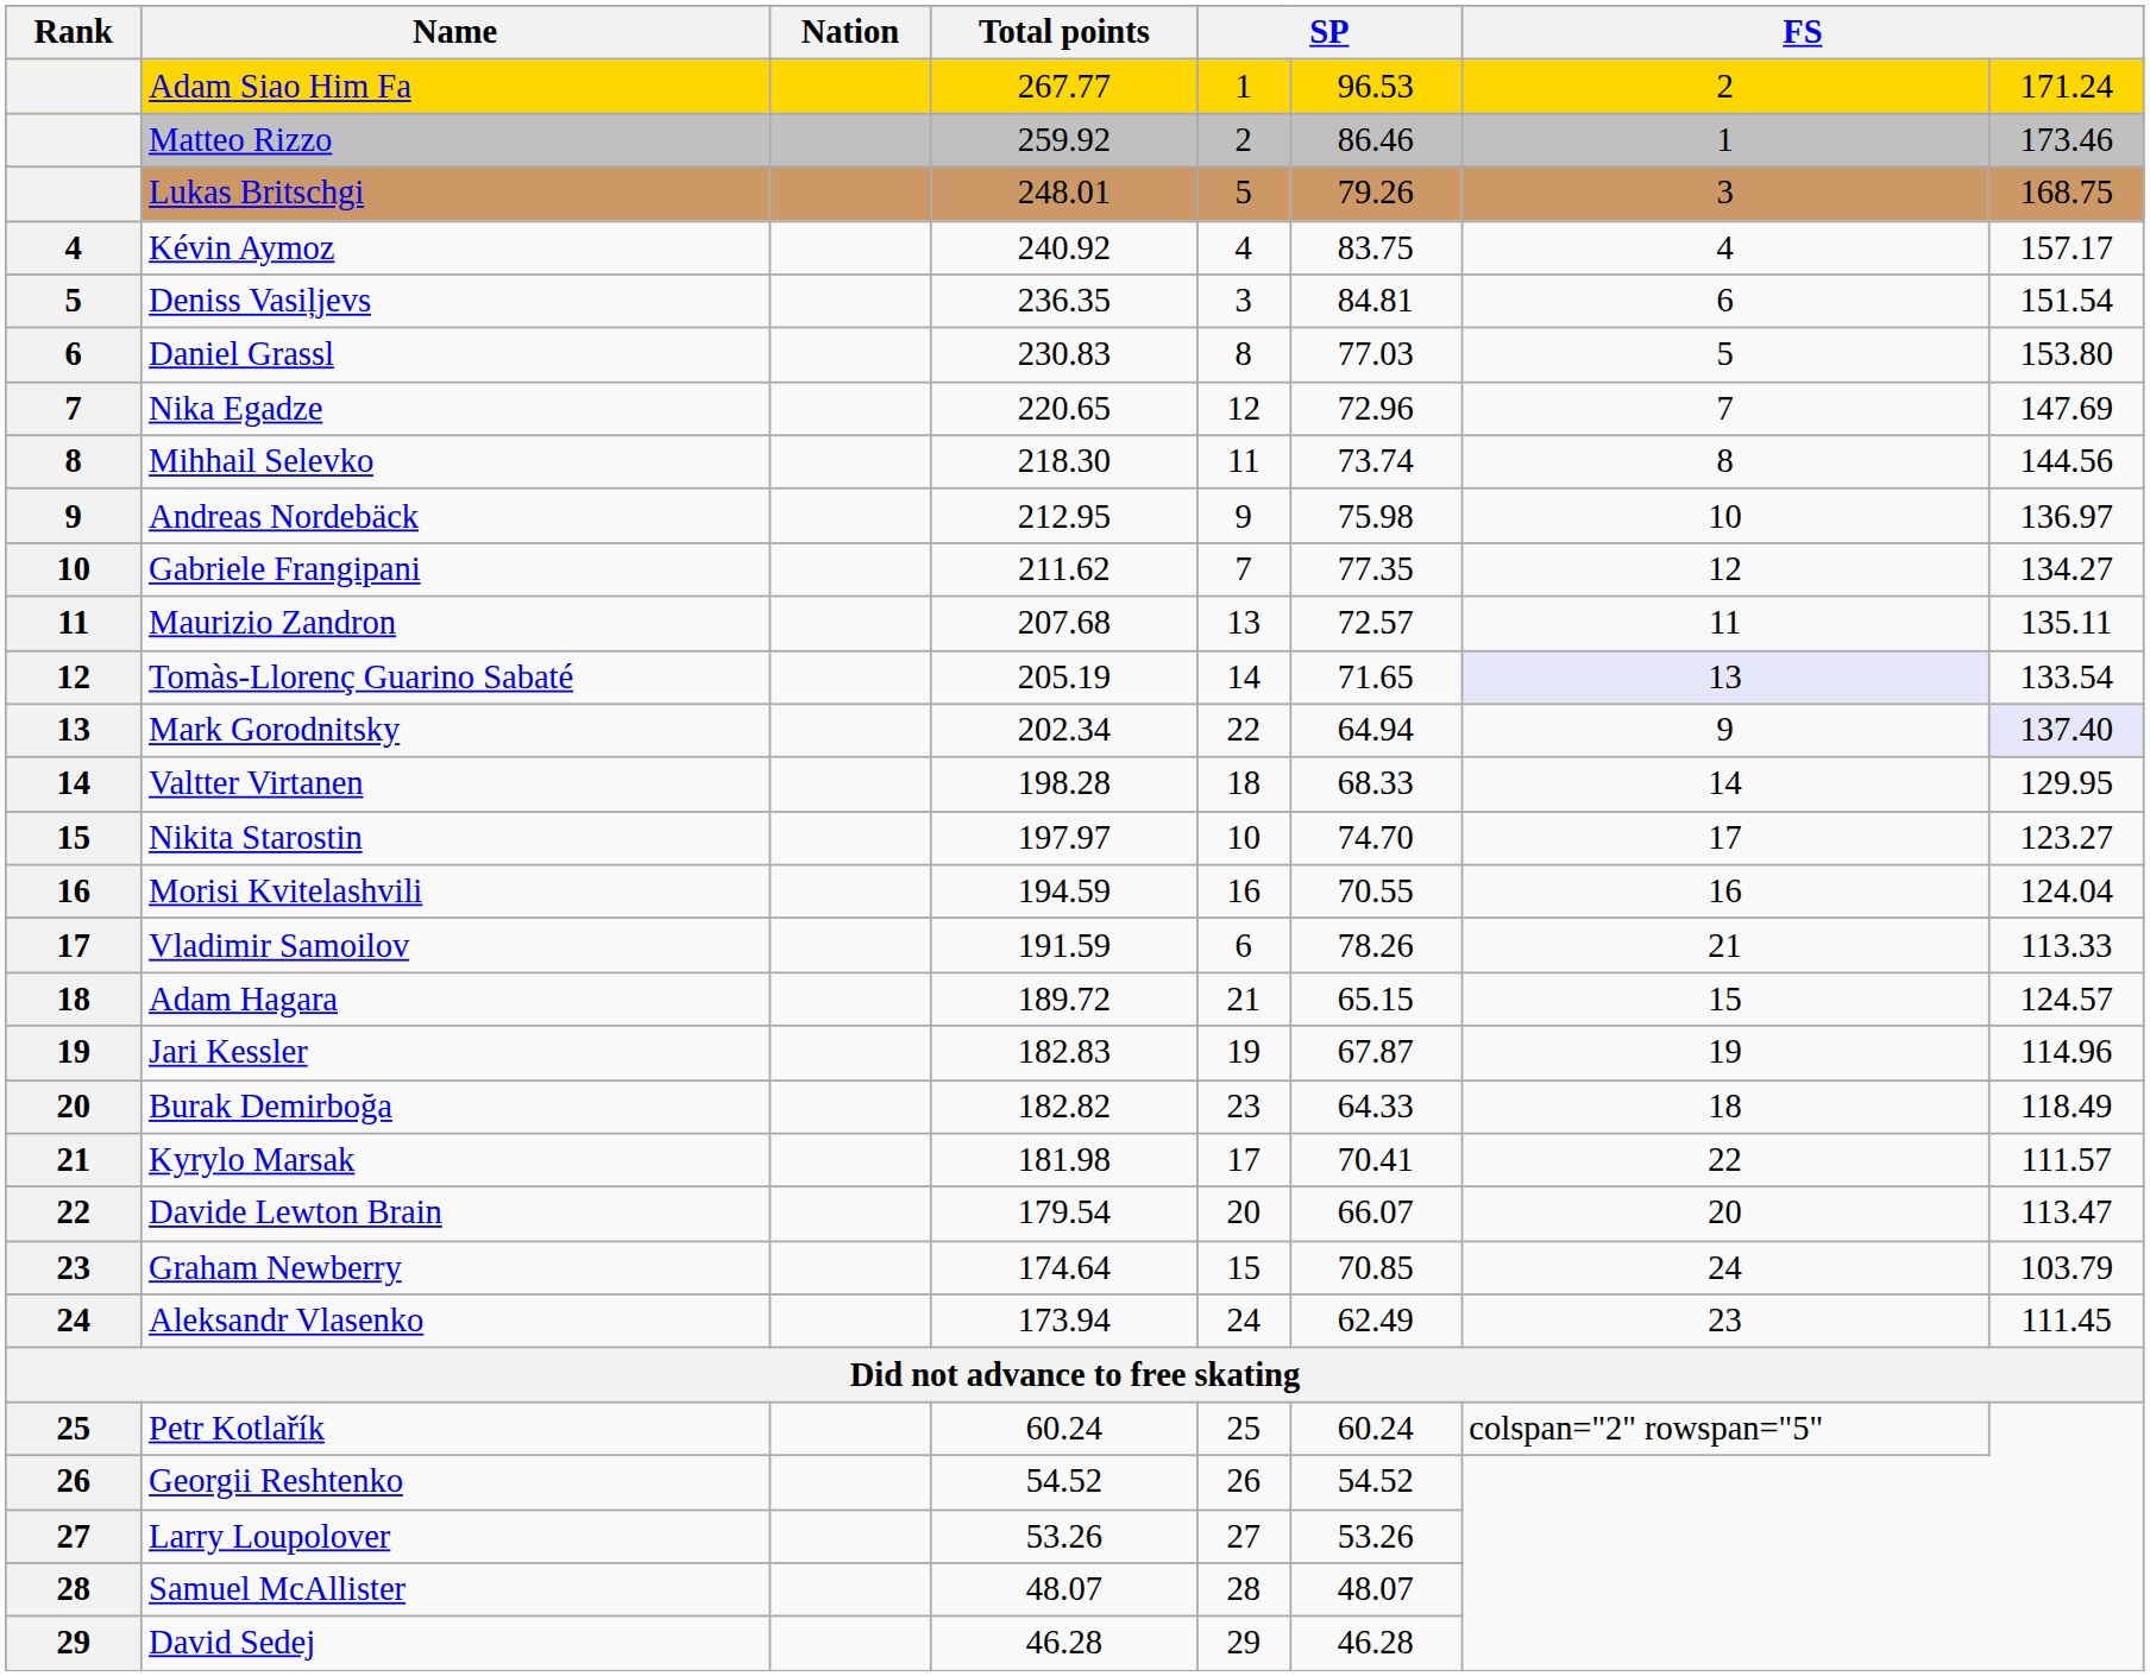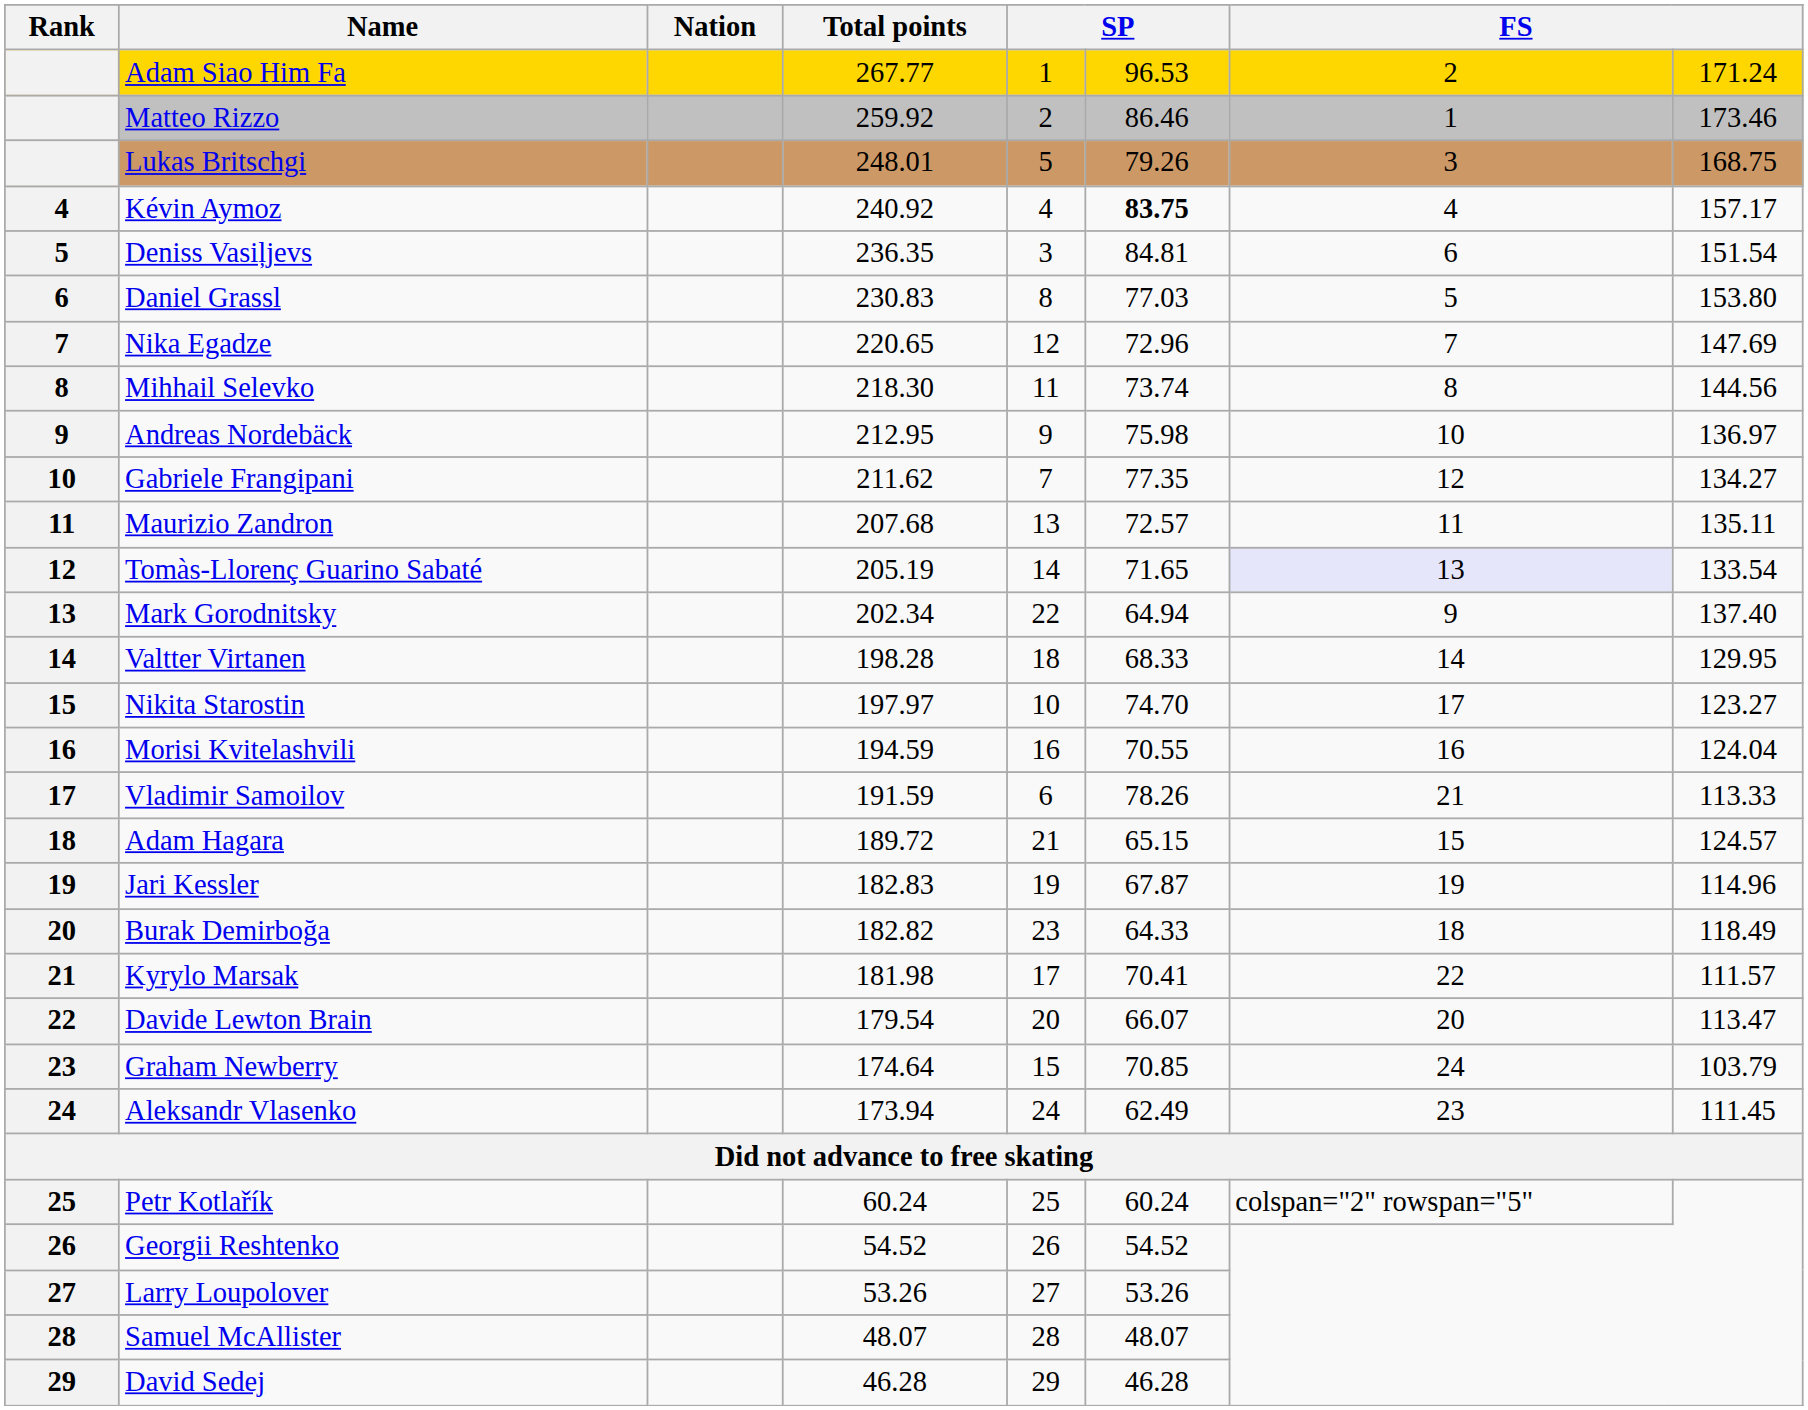 <table class="wikitable sortable" style="text-align:left; width:80%">
 <tr>
 <th scope="col">Rank</th>
 <th scope="col">Name</th>
 <th scope="col">Nation</th>
 <th scope="col">Total points</th>
 <th scope="col" colspan="2" width="80px"><a href='#'>SP</a></th>
 <th scope="col" colspan="2" width="80px"><a href='#'>FS</a></th>
 </tr>
 <tr bgcolor="gold">
 <th scope="row"></th>
 <td><a href='#'>Adam Siao Him Fa</a></td>
 <td></td>
 <td align="center">267.77</td>
 <td align="center">1</td>
 <td align="center">96.53</td>
 <td align="center">2</td>
 <td align="center">171.24</td>
 </tr>
 <tr bgcolor="silver">
 <th scope="row"></th>
 <td><a href='#'>Matteo Rizzo</a></td>
 <td></td>
 <td align="center">259.92</td>
 <td align="center">2</td>
 <td align="center">86.46</td>
 <td align="center">1</td>
 <td align="center">173.46</td>
 </tr>
 <tr bgcolor="#cc9966">
 <th scope="row"></th>
 <td><a href='#'>Lukas Britschgi</a></td>
 <td></td>
 <td align="center">248.01</td>
 <td align="center">5</td>
 <td align="center">79.26</td>
 <td align="center">3</td>
 <td align="center">168.75</td>
 </tr>
 <tr>
 <th scope="row">4</th>
 <td><a href='#'>Kévin Aymoz</a></td>
 <td></td>
 <td align="center">240.92</td>
 <td align="center">4</td>
-<td align="center">83.75</td>
+<td align="center"><strong>83.75</strong></td>
 <td align="center">4</td>
 <td align="center">157.17</td>
 </tr>
 <tr>
 <th scope="row">5</th>
 <td><a href='#'>Deniss Vasiļjevs</a></td>
 <td></td>
 <td align="center">236.35</td>
 <td align="center">3</td>
 <td align="center">84.81</td>
 <td align="center">6</td>
 <td align="center">151.54</td>
 </tr>
 <tr>
 <th scope="row">6</th>
 <td><a href='#'>Daniel Grassl</a></td>
 <td></td>
 <td align="center">230.83</td>
 <td align="center">8</td>
 <td align="center">77.03</td>
 <td align="center">5</td>
 <td align="center">153.80</td>
 </tr>
 <tr>
 <th scope="row">7</th>
 <td><a href='#'>Nika Egadze</a></td>
 <td></td>
 <td align="center">220.65</td>
 <td align="center">12</td>
 <td align="center">72.96</td>
 <td align="center">7</td>
 <td align="center">147.69</td>
 </tr>
 <tr>
 <th scope="row">8</th>
 <td><a href='#'>Mihhail Selevko</a></td>
 <td></td>
 <td align="center">218.30</td>
 <td align="center">11</td>
 <td align="center">73.74</td>
 <td align="center">8</td>
 <td align="center">144.56</td>
 </tr>
 <tr>
 <th scope="row">9</th>
 <td><a href='#'>Andreas Nordebäck</a></td>
 <td></td>
 <td align="center">212.95</td>
 <td align="center">9</td>
 <td align="center">75.98</td>
 <td align="center">10</td>
 <td align="center">136.97</td>
 </tr>
 <tr>
 <th scope="row">10</th>
 <td><a href='#'>Gabriele Frangipani</a></td>
 <td></td>
 <td align="center">211.62</td>
 <td align="center">7</td>
 <td align="center">77.35</td>
 <td align="center">12</td>
 <td align="center">134.27</td>
 </tr>
 <tr>
 <th scope="row">11</th>
 <td><a href='#'>Maurizio Zandron</a></td>
 <td></td>
 <td align="center">207.68</td>
 <td align="center">13</td>
 <td align="center">72.57</td>
 <td align="center">11</td>
 <td align="center">135.11</td>
 </tr>
 <tr>
 <th scope="row">12</th>
 <td><a href='#'>Tomàs-Llorenç Guarino Sabaté</a></td>
 <td></td>
 <td align="center">205.19</td>
 <td align="center">14</td>
 <td align="center">71.65</td>
 <td align="center" style="background: lavender;">13</td>
 <td align="center">133.54</td>
 </tr>
 <tr>
 <th scope="row">13</th>
 <td><a href='#'>Mark Gorodnitsky</a></td>
 <td></td>
 <td align="center">202.34</td>
 <td align="center">22</td>
 <td align="center">64.94</td>
 <td align="center">9</td>
-<td align="center" style="background: lavender;">137.40</td>
+<td align="center">137.40</td>
 </tr>
 <tr>
 <th scope="row">14</th>
 <td><a href='#'>Valtter Virtanen</a></td>
 <td></td>
 <td align="center">198.28</td>
 <td align="center">18</td>
 <td align="center">68.33</td>
 <td align="center">14</td>
 <td align="center">129.95</td>
 </tr>
 <tr>
 <th scope="row">15</th>
 <td><a href='#'>Nikita Starostin</a></td>
 <td></td>
 <td align="center">197.97</td>
 <td align="center">10</td>
 <td align="center">74.70</td>
 <td align="center">17</td>
 <td align="center">123.27</td>
 </tr>
 <tr>
 <th scope="row">16</th>
 <td><a href='#'>Morisi Kvitelashvili</a></td>
 <td></td>
 <td align="center">194.59</td>
 <td align="center">16</td>
 <td align="center">70.55</td>
 <td align="center">16</td>
 <td align="center">124.04</td>
 </tr>
 <tr>
 <th scope="row">17</th>
 <td><a href='#'>Vladimir Samoilov</a></td>
 <td></td>
 <td align="center">191.59</td>
 <td align="center">6</td>
 <td align="center">78.26</td>
 <td align="center">21</td>
 <td align="center">113.33</td>
 </tr>
 <tr>
 <th scope="row">18</th>
 <td><a href='#'>Adam Hagara</a></td>
 <td></td>
 <td align="center">189.72</td>
 <td align="center">21</td>
 <td align="center">65.15</td>
 <td align="center">15</td>
 <td align="center">124.57</td>
 </tr>
 <tr>
 <th scope="row">19</th>
 <td><a href='#'>Jari Kessler</a></td>
 <td></td>
 <td align="center">182.83</td>
 <td align="center">19</td>
 <td align="center">67.87</td>
 <td align="center">19</td>
 <td align="center">114.96</td>
 </tr>
 <tr>
 <th scope="row">20</th>
 <td><a href='#'>Burak Demirboğa</a></td>
 <td></td>
 <td align="center">182.82</td>
 <td align="center">23</td>
 <td align="center">64.33</td>
 <td align="center">18</td>
 <td align="center">118.49</td>
 </tr>
 <tr>
 <th scope="row">21</th>
 <td><a href='#'>Kyrylo Marsak</a></td>
 <td></td>
 <td align="center">181.98</td>
 <td align="center">17</td>
 <td align="center">70.41</td>
 <td align="center">22</td>
 <td align="center">111.57</td>
 </tr>
 <tr>
 <th scope="row">22</th>
 <td><a href='#'>Davide Lewton Brain</a></td>
 <td></td>
 <td align="center">179.54</td>
 <td align="center">20</td>
 <td align="center">66.07</td>
 <td align="center">20</td>
 <td align="center">113.47</td>
 </tr>
 <tr>
 <th scope="row">23</th>
 <td><a href='#'>Graham Newberry</a></td>
 <td></td>
 <td align="center">174.64</td>
 <td align="center">15</td>
 <td align="center">70.85</td>
 <td align="center">24</td>
 <td align="center">103.79</td>
 </tr>
 <tr>
 <th scope="row">24</th>
 <td><a href='#'>Aleksandr Vlasenko</a></td>
 <td></td>
 <td align="center">173.94</td>
 <td align="center">24</td>
 <td align="center">62.49</td>
 <td align="center">23</td>
 <td align="center">111.45</td>
 </tr>
 <tr>
 <th colspan=8>Did not advance to free skating</th>
 </tr>
 <tr>
 <th scope="row">25</th>
 <td><a href='#'>Petr Kotlařík</a></td>
 <td></td>
 <td align="center">60.24</td>
 <td align="center">25</td>
 <td align="center">60.24</td>
 <td>colspan="2" rowspan="5" </td>
 </tr>
 <tr>
 <th scope="row">26</th>
 <td><a href='#'>Georgii Reshtenko</a></td>
 <td></td>
 <td align="center">54.52</td>
 <td align="center">26</td>
 <td align="center">54.52</td>
 </tr>
 <tr>
 <th scope="row">27</th>
 <td><a href='#'>Larry Loupolover</a></td>
 <td></td>
 <td align="center">53.26</td>
 <td align="center">27</td>
 <td align="center">53.26</td>
 </tr>
 <tr>
 <th scope="row">28</th>
 <td><a href='#'>Samuel McAllister</a></td>
 <td></td>
 <td align="center">48.07</td>
 <td align="center">28</td>
 <td align="center">48.07</td>
 </tr>
 <tr>
 <th scope="row">29</th>
 <td><a href='#'>David Sedej</a></td>
 <td></td>
 <td align="center">46.28</td>
 <td align="center">29</td>
 <td align="center">46.28</td>
 </tr>
 </table>
